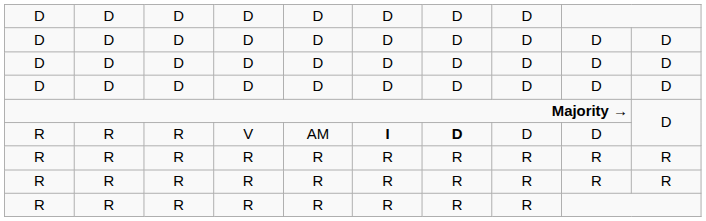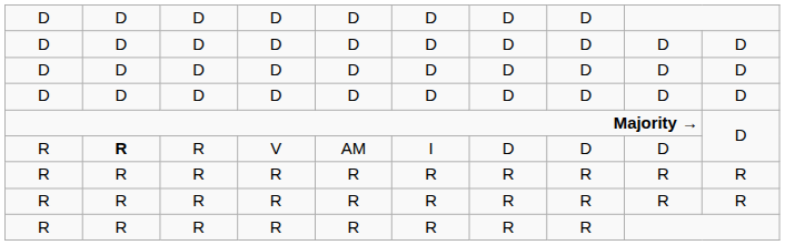 <table class="wikitable" style="text-align:center" width=750px>
 <tr>
 <td>D</td>
 <td>D</td>
 <td>D</td>
 <td>D</td>
 <td>D</td>
 <td>D</td>
 <td>D</td>
 <td>D</td>
 <td colspan=2> </td>
 </tr>
 <tr>
 <td width=50px >D</td>
 <td width=50px >D</td>
 <td width=50px >D</td>
 <td width=50px >D</td>
 <td width=50px >D</td>
 <td width=50px >D</td>
 <td width=50px >D</td>
 <td width=50px >D</td>
 <td width=50px >D</td>
 <td width=50px >D</td>
 </tr>
 <tr>
 <td>D</td>
 <td>D</td>
 <td>D</td>
 <td>D</td>
 <td>D</td>
 <td>D</td>
 <td>D</td>
 <td>D</td>
 <td>D</td>
 <td>D</td>
 </tr>
 <tr>
 <td>D<br></td>
 <td>D<br></td>
 <td>D<br></td>
 <td>D<br></td>
 <td>D<br></td>
 <td>D<br></td>
 <td>D<br></td>
 <td>D<br></td>
 <td>D<br></td>
 <td>D<br></td>
 </tr>
 <tr>
 <td colspan=9 align=right><strong>Majority →</strong></td>
 <td rowspan=2 >D<br></td>
 </tr>
 <tr>
 <td>R<br></td>
-<td>R<br></td>
+<td><strong>R<br></strong></td>
 <td>R<br></td>
 <td>V<br></td>
 <td>AM</td>
-<td><strong>I</strong></td>
-<td><strong>D<br></strong></td>
+<td>I</td>
+<td>D<br></td>
 <td>D<br></td>
 <td>D<br></td>
 </tr>
 <tr>
 <td>R<br></td>
 <td>R<br></td>
 <td>R<br></td>
 <td>R<br></td>
 <td>R<br></td>
 <td>R<br></td>
 <td>R<br></td>
 <td>R</td>
 <td>R</td>
 <td>R</td>
 </tr>
 <tr>
 <td>R</td>
 <td>R</td>
 <td>R</td>
 <td>R</td>
 <td>R</td>
 <td>R</td>
 <td>R</td>
 <td>R</td>
 <td>R</td>
 <td>R</td>
 </tr>
 <tr>
 <td>R</td>
 <td>R</td>
 <td>R</td>
 <td>R</td>
 <td>R</td>
 <td>R</td>
 <td>R</td>
 <td>R</td>
 <td colspan=2> </td>
 </tr>
 </table>
